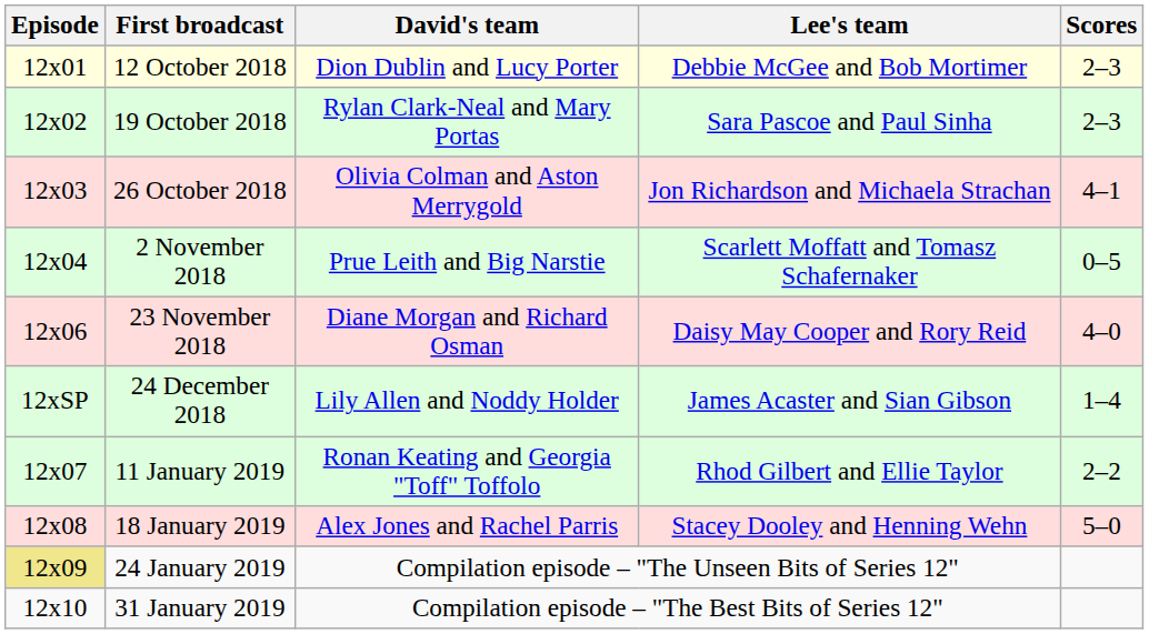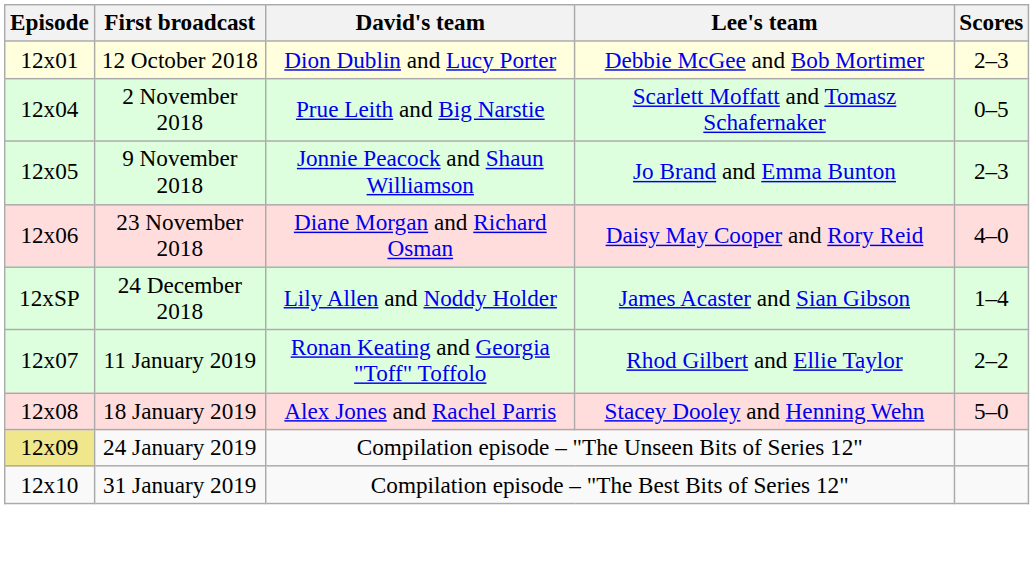 <table class="wikitable"  style="width:80%; left:0 auto; text-align:center;">
 <tr>
 <th style="width:8%;">Episode</th>
 <th style="width:17%;">First broadcast</th>
 <th style="width:31%;">David's team</th>
 <th style="width:38%;">Lee's team</th>
 <th style="width:6%;">Scores</th>
 </tr>
 <tr style="background:#ffd;">
 <td>12x01</td>
 <td>12 October 2018</td>
 <td><a href='#'>Dion Dublin</a> and <a href='#'>Lucy Porter</a></td>
 <td><a href='#'>Debbie McGee</a> and <a href='#'>Bob Mortimer</a></td>
 <td>2–3</td>
 </tr>
 <tr style="background:#dfd;">
-<td>12x02</td>
-<td>19 October 2018</td>
-<td><a href='#'>Rylan Clark-Neal</a> and <a href='#'>Mary Portas</a></td>
-<td><a href='#'>Sara Pascoe</a> and <a href='#'>Paul Sinha</a></td>
-<td>2–3</td>
-</tr>
-<tr style="background:#fdd;">
-<td>12x03</td>
-<td>26 October 2018</td>
-<td><a href='#'>Olivia Colman</a> and <a href='#'>Aston Merrygold</a></td>
-<td><a href='#'>Jon Richardson</a> and <a href='#'>Michaela Strachan</a></td>
-<td>4–1</td>
-</tr>
-<tr style="background:#dfd;">
 <td>12x04</td>
 <td>2 November 2018</td>
 <td><a href='#'>Prue Leith</a> and <a href='#'>Big Narstie</a></td>
 <td><a href='#'>Scarlett Moffatt</a> and <a href='#'>Tomasz Schafernaker</a></td>
 <td>0–5</td>
+</tr>
+<tr style="background:#dfd;">
+<td>12x05</td>
+<td>9 November 2018</td>
+<td><a href='#'>Jonnie Peacock</a> and <a href='#'>Shaun Williamson</a></td>
+<td><a href='#'>Jo Brand</a> and <a href='#'>Emma Bunton</a></td>
+<td>2–3</td>
 </tr>
 <tr style="background:#fdd;">
 <td>12x06</td>
 <td>23 November 2018</td>
 <td><a href='#'>Diane Morgan</a> and <a href='#'>Richard Osman</a></td>
 <td><a href='#'>Daisy May Cooper</a> and <a href='#'>Rory Reid</a></td>
 <td>4–0</td>
 </tr>
 <tr style="background:#dfd;">
 <td>12xSP</td>
 <td>24 December 2018</td>
 <td><a href='#'>Lily Allen</a> and <a href='#'>Noddy Holder</a></td>
 <td><a href='#'>James Acaster</a> and <a href='#'>Sian Gibson</a></td>
 <td>1–4</td>
 </tr>
 <tr style="background:#dfd;">
 <td>12x07</td>
 <td>11 January 2019</td>
 <td><a href='#'>Ronan Keating</a> and <a href='#'>Georgia "Toff" Toffolo</a></td>
 <td><a href='#'>Rhod Gilbert</a> and <a href='#'>Ellie Taylor</a></td>
 <td>2–2</td>
 </tr>
 <tr style="background:#fdd;">
 <td>12x08</td>
 <td>18 January 2019</td>
 <td><a href='#'>Alex Jones</a> and <a href='#'>Rachel Parris</a></td>
 <td><a href='#'>Stacey Dooley</a> and <a href='#'>Henning Wehn</a></td>
 <td>5–0</td>
 </tr>
 <tr>
 <td style="background: khaki;">12x09</td>
 <td>24 January 2019</td>
 <td colspan="2">Compilation episode – "The Unseen Bits of Series 12"</td>
 <td></td>
 </tr>
 <tr>
 <td>12x10</td>
 <td>31 January 2019</td>
 <td colspan="2">Compilation episode – "The Best Bits of Series 12"</td>
 <td></td>
 </tr>
 </table>
